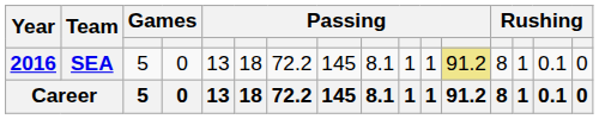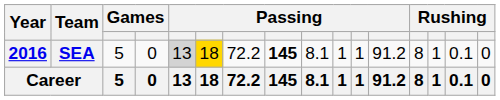 <table class="wikitable" style="text-align:center">
 <tr>
 <th rowspan="2">Year</th>
 <th rowspan="2">Team</th>
 <th colspan="2">Games</th>
 <th colspan="8">Passing</th>
 <th colspan="4">Rushing</th>
 </tr>
 <tr>
 <th></th>
 <th></th>
 <th></th>
 <th></th>
 <th></th>
 <th></th>
 <th></th>
 <th></th>
 <th></th>
 <th></th>
 <th></th>
 <th></th>
 <th></th>
 <th></th>
 </tr>
 <tr>
 <th><a href='#'>2016</a></th>
 <th><a href='#'>SEA</a></th>
 <td>5</td>
 <td>0</td>
-<td>13</td>
-<td>18</td>
+<td style="background: lightgrey;">13</td>
+<td style="background: gold;">18</td>
 <td>72.2</td>
-<td>145</td>
+<td><strong>145</strong></td>
 <td>8.1</td>
 <td>1</td>
 <td>1</td>
-<td style="background: khaki;">91.2</td>
+<td>91.2</td>
 <td>8</td>
 <td>1</td>
 <td>0.1</td>
 <td>0</td>
 </tr>
 <tr>
 <th colspan="2">Career</th>
 <th>5</th>
 <th>0</th>
 <th>13</th>
 <th>18</th>
 <th>72.2</th>
 <th>145</th>
 <th>8.1</th>
 <th>1</th>
 <th>1</th>
 <th>91.2</th>
 <th>8</th>
 <th>1</th>
 <th>0.1</th>
 <th>0</th>
 </tr>
 </table>
